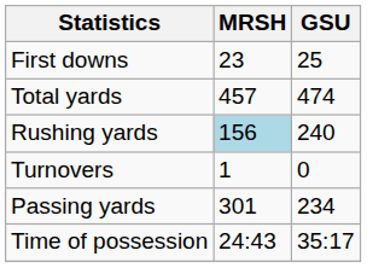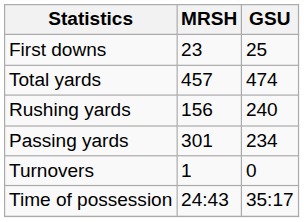 <table class="wikitable" style="float: left;">
 <tr>
 <th>Statistics</th>
 <th>MRSH</th>
 <th>GSU</th>
 </tr>
 <tr>
 <td>First downs</td>
 <td>23</td>
 <td>25</td>
 </tr>
 <tr>
 <td>Total yards</td>
 <td>457</td>
 <td>474</td>
 </tr>
 <tr>
 <td>Rushing yards</td>
-<td style="background: lightblue;">156</td>
+<td>156</td>
 <td>240</td>
+</tr>
+<tr>
+<td>Passing yards</td>
+<td>301</td>
+<td>234</td>
 </tr>
 <tr>
 <td>Turnovers</td>
 <td>1</td>
 <td>0</td>
-</tr>
-<tr>
-<td>Passing yards</td>
-<td>301</td>
-<td>234</td>
 </tr>
 <tr>
 <td>Time of possession</td>
 <td>24:43</td>
 <td>35:17</td>
 </tr>
 <tr>
 </tr>
 </table>
